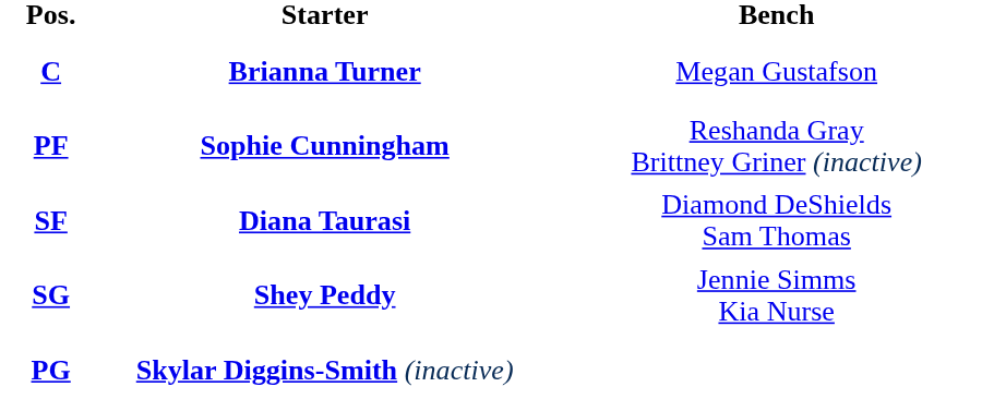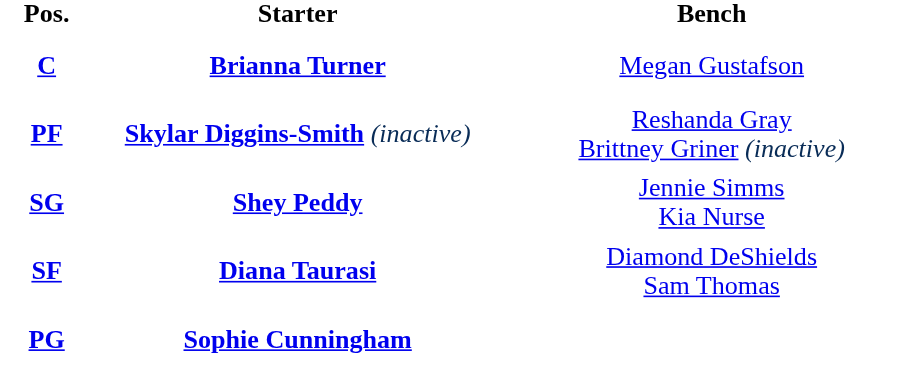 <table style="text-align:center; ">
 <tr>
 <th width="50">Pos.</th>
 <th width="250">Starter</th>
 <th width="250">Bench</th>
 </tr>
 <tr style="height:40px; background:white; color:#092C57">
 <th><a href='#'><span>C</span></a></th>
 <td><strong><a href='#'>Brianna Turner</a></strong></td>
 <td><a href='#'>Megan Gustafson</a></td>
 </tr>
 <tr style="height:40px; background:white; color:#092C57">
 <th><a href='#'><span>PF</span></a></th>
-<td><strong><a href='#'>Sophie Cunningham</a></strong></td>
+<td><strong><a href='#'>Skylar Diggins-Smith</a></strong> <em>(inactive)</em></td>
 <td><a href='#'>Reshanda Gray</a><br><a href='#'>Brittney Griner</a> <em>(inactive)</em></td>
+</tr>
+<tr style="height:40px; background:white; color:#092C57">
+<th><a href='#'><span>SG</span></a></th>
+<td><strong><a href='#'>Shey Peddy</a></strong></td>
+<td><a href='#'>Jennie Simms</a><br><a href='#'>Kia Nurse</a></td>
 </tr>
 <tr style="height:40px; background:white; color:#092C57">
 <th><a href='#'><span>SF</span></a></th>
 <td><strong><a href='#'>Diana Taurasi</a></strong></td>
 <td><a href='#'>Diamond DeShields</a><br><a href='#'>Sam Thomas</a></td>
 </tr>
 <tr style="height:40px; background:white; color:#092C57">
-<th><a href='#'><span>SG</span></a></th>
-<td><strong><a href='#'>Shey Peddy</a></strong></td>
-<td><a href='#'>Jennie Simms</a><br><a href='#'>Kia Nurse</a></td>
-</tr>
-<tr style="height:40px; background:white; color:#092C57">
 <th><a href='#'><span>PG</span></a></th>
-<td><strong><a href='#'>Skylar Diggins-Smith</a></strong> <em>(inactive)</em></td>
+<td><strong><a href='#'>Sophie Cunningham</a></strong></td>
 <td></td>
 </tr>
 </table>
